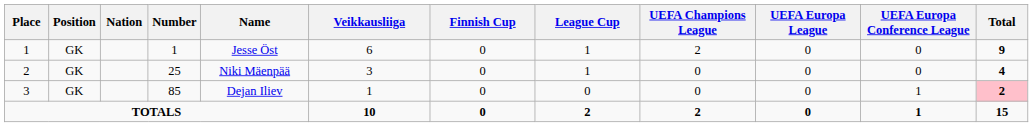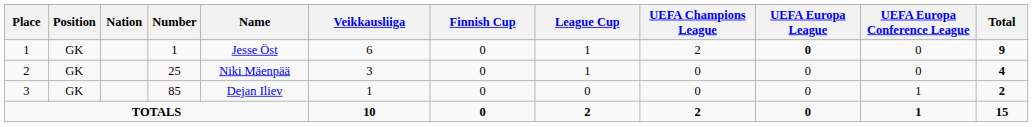 <table class="wikitable" style="font-size: 95%; text-align: center;">
 <tr>
 <th width=60>Place</th>
 <th width=60>Position</th>
 <th width=60>Nation</th>
 <th width=60>Number</th>
 <th width=200>Name</th>
 <th width=200><a href='#'>Veikkausliiga</a></th>
 <th width=200><a href='#'>Finnish Cup</a></th>
 <th width=200><a href='#'>League Cup</a></th>
 <th width=200><a href='#'>UEFA Champions League</a></th>
 <th width=200><a href='#'>UEFA Europa League</a></th>
 <th width=200><a href='#'>UEFA Europa Conference League</a></th>
 <th width=80><strong>Total</strong></th>
 </tr>
 <tr>
 <td>1</td>
 <td>GK</td>
 <td></td>
 <td>1</td>
 <td><a href='#'>Jesse Öst</a></td>
 <td>6</td>
 <td>0</td>
 <td>1</td>
 <td>2</td>
-<td>0</td>
+<td><strong>0</strong></td>
 <td>0</td>
 <td><strong>9</strong></td>
 </tr>
 <tr>
 <td>2</td>
 <td>GK</td>
 <td></td>
 <td>25</td>
 <td><a href='#'>Niki Mäenpää</a></td>
 <td>3</td>
 <td>0</td>
 <td>1</td>
 <td>0</td>
 <td>0</td>
 <td>0</td>
 <td><strong>4</strong></td>
 </tr>
 <tr>
 <td>3</td>
 <td>GK</td>
 <td></td>
 <td>85</td>
 <td><a href='#'>Dejan Iliev</a></td>
 <td>1</td>
 <td>0</td>
 <td>0</td>
 <td>0</td>
 <td>0</td>
 <td>1</td>
-<td style="background: pink;"><strong>2</strong></td>
+<td><strong>2</strong></td>
 </tr>
 <tr>
 <td colspan="5"><strong>TOTALS</strong></td>
 <td><strong>10</strong></td>
 <td><strong>0</strong></td>
 <td><strong>2</strong></td>
 <td><strong>2</strong></td>
 <td><strong>0</strong></td>
 <td><strong>1</strong></td>
 <td><strong>15</strong></td>
 </tr>
 </table>
